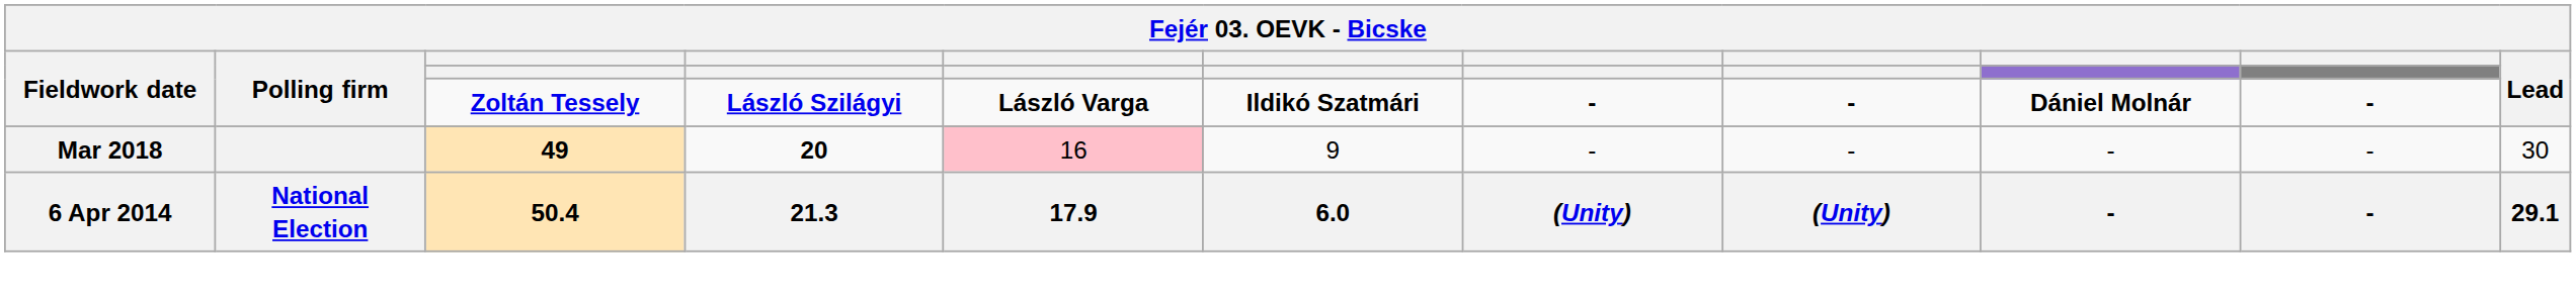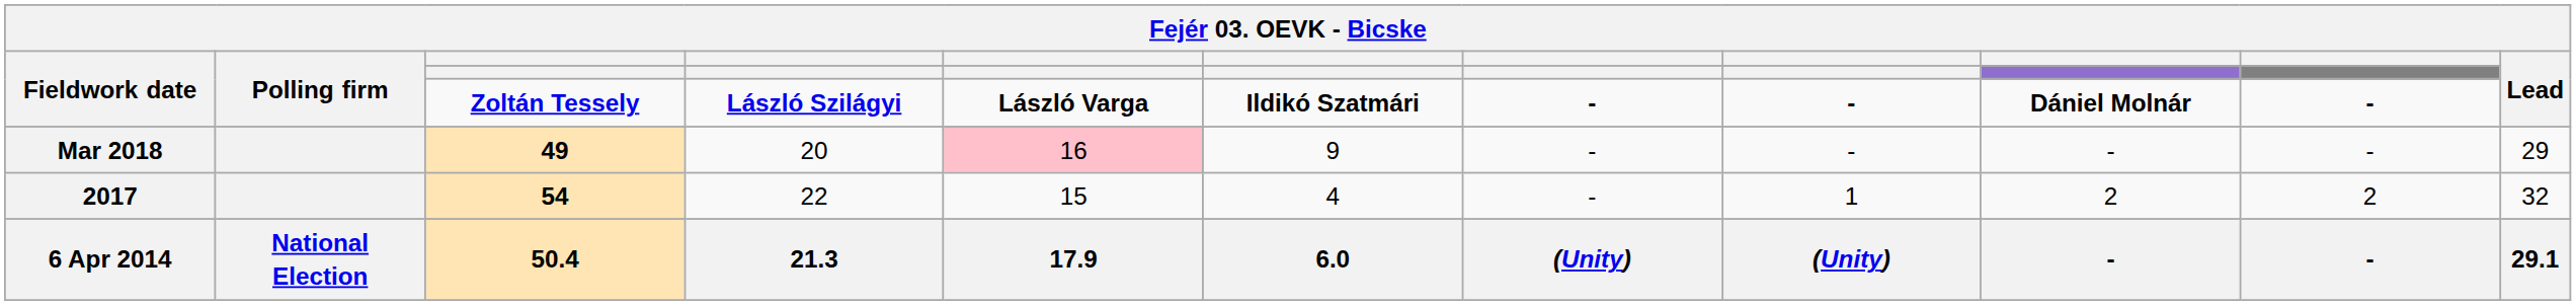 <table class="wikitable mw-collapsible mw-collapsed" style="text-align:center">
 <tr>
 <th colspan="11" style="width: 980pt;"><small><a href='#'>Fejér</a> 03. OEVK - <a href='#'>Bicske</a></small></th>
 </tr>
 <tr>
 <th rowspan="3" style="width: 80pt;"><small>Fieldwork</small> <small>date</small></th>
 <th rowspan="3" style="width: 80pt;"><strong><small>Polling</small> <small>firm</small></strong></th>
 <th style="width: 100pt;"><small></small></th>
 <th style="width: 100pt;"><small> </small></th>
 <th style="width: 100pt;"></th>
 <th style="width: 100pt;"></th>
 <th style="width: 100pt;"></th>
 <th style="width: 100pt;"></th>
 <th style="width: 100pt;"></th>
 <th style="width: 100pt;"></th>
 <th rowspan="3" style="width: 20pt;"><small>Lead</small></th>
 </tr>
 <tr>
 <th style="color:inherit;background:"></th>
 <th style="color:inherit;background:"></th>
 <th style="color:inherit;background:"></th>
 <th style="color:inherit;background:"></th>
 <th style="color:inherit;background:"></th>
 <th style="color:inherit;background:"></th>
 <th style="color:inherit;background:#8E6FCE;"></th>
 <th style="color:inherit;background:#808080;"></th>
 </tr>
 <tr>
 <td><small><strong><a href='#'>Zoltán Tessely</a></strong></small></td>
 <td><small><a href='#'><strong>László Szilágyi</strong></a></small></td>
 <td><small><strong>László Varga</strong></small></td>
 <td><small><strong>Ildikó Szatmári</strong></small></td>
 <td><small><strong>-</strong></small></td>
 <td><small><strong>-</strong></small></td>
 <td><small><strong>Dániel Molnár</strong></small></td>
 <td><small><strong>-</strong></small></td>
 </tr>
 <tr>
 <th><small>Mar 2018</small></th>
 <th><small></small></th>
 <td style="background:#FFE5B4"><small><strong>49</strong></small></td>
-<td><strong><small>20</small></strong></td>
+<td><small>20</small></td>
 <td style="background: pink;"><small>16</small></td>
 <td><small>9</small></td>
 <td><small>-</small></td>
 <td><small>-</small></td>
 <td><small>-</small></td>
 <td><small>-</small></td>
-<td style="background:"><small>30</small></td>
+<td style="background:"><small>29</small></td>
+</tr>
+<tr>
+<th><small>2017</small></th>
+<th><small></small></th>
+<td style="background:#FFE5B4"><small><strong>54</strong></small></td>
+<td><small>22</small></td>
+<td><small>15</small></td>
+<td><small>4</small></td>
+<td><small>-</small></td>
+<td><small>1</small></td>
+<td><small>2</small></td>
+<td><small>2</small></td>
+<td style="background:"><small>32</small></td>
 </tr>
 <tr>
 <th><small>6 Apr 2014</small></th>
 <th><a href='#'><small>National Election</small></a></th>
 <th style="background:#FFE5B4"><small>50.4</small></th>
 <th><small>21.3</small></th>
 <th><small>17.9</small></th>
 <th><small>6.0</small></th>
 <th><small><em>(<a href='#'>Unity</a>)</em></small></th>
 <th><small><em>(<a href='#'>Unity</a>)</em></small></th>
 <th><small>-</small></th>
 <th><small>-</small></th>
 <th style="background:"><small>29.1</small></th>
 </tr>
 </table>
